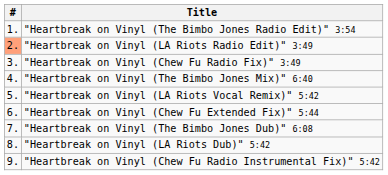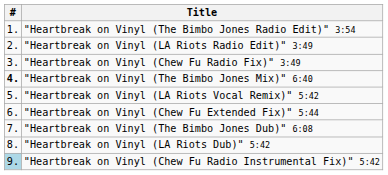 <table class="wikitable">
 <tr>
 <th>#</th>
 <th>Title</th>
 </tr>
 <tr>
 <td>1.</td>
 <td>"Heartbreak on Vinyl (The Bimbo Jones Radio Edit)" <small>3:54</small></td>
 </tr>
 <tr>
-<td style="background: lightsalmon;">2.</td>
+<td>2.</td>
 <td>"Heartbreak on Vinyl (LA Riots Radio Edit)" <small>3:49</small></td>
 </tr>
 <tr>
 <td>3.</td>
 <td>"Heartbreak on Vinyl (Chew Fu Radio Fix)" <small>3:49</small></td>
 </tr>
 <tr>
-<td>4.</td>
+<td><strong>4.</strong></td>
 <td>"Heartbreak on Vinyl (The Bimbo Jones Mix)" <small>6:40</small></td>
 </tr>
 <tr>
 <td>5.</td>
 <td>"Heartbreak on Vinyl (LA Riots Vocal Remix)" <small>5:42</small></td>
 </tr>
 <tr>
 <td>6.</td>
 <td>"Heartbreak on Vinyl (Chew Fu Extended Fix)" <small>5:44</small></td>
 </tr>
 <tr>
 <td>7.</td>
 <td>"Heartbreak on Vinyl (The Bimbo Jones Dub)" <small>6:08</small></td>
 </tr>
 <tr>
 <td>8.</td>
 <td>"Heartbreak on Vinyl (LA Riots Dub)" <small>5:42</small></td>
 </tr>
 <tr>
-<td>9.</td>
+<td style="background: lightblue;">9.</td>
 <td>"Heartbreak on Vinyl (Chew Fu Radio Instrumental Fix)" <small>5:42</small></td>
 </tr>
 </table>
